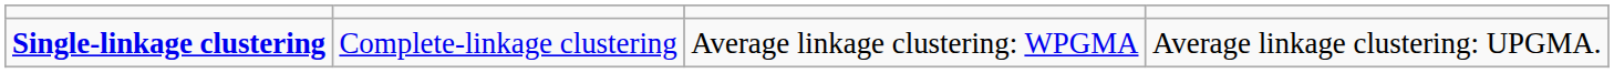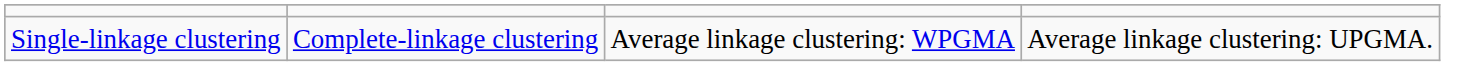 <table class="wikitable">
 <tr>
 <td></td>
 <td></td>
 <td></td>
 <td></td>
 </tr>
 <tr>
-<td><strong><a href='#'>Single-linkage clustering</a></strong></td>
+<td><a href='#'>Single-linkage clustering</a></td>
 <td><a href='#'>Complete-linkage clustering</a></td>
 <td>Average linkage clustering: <a href='#'>WPGMA</a></td>
 <td>Average linkage clustering: UPGMA.</td>
 </tr>
 </table>
